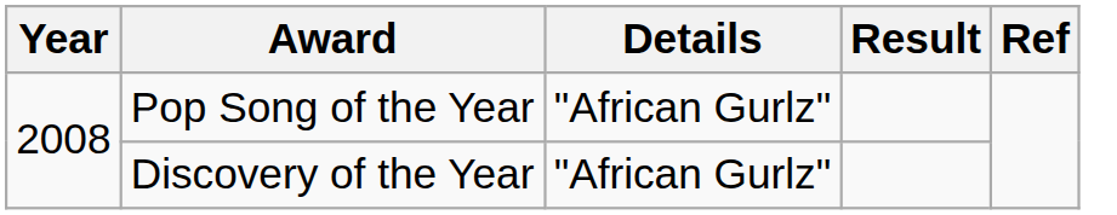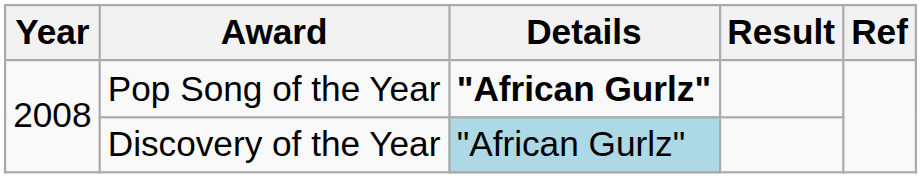 <table class="wikitable sortable">
 <tr>
 <th>Year</th>
 <th>Award</th>
 <th>Details</th>
 <th>Result</th>
 <th>Ref</th>
 </tr>
 <tr>
 <td rowspan="2">2008</td>
 <td>Pop Song of the Year</td>
-<td>"African Gurlz"</td>
+<td><strong>"African Gurlz"</strong></td>
 <td></td>
 <td rowspan="2"></td>
 </tr>
 <tr>
 <td>Discovery of the Year</td>
-<td>"African Gurlz"</td>
+<td style="background: lightblue;">"African Gurlz"</td>
 <td></td>
 </tr>
 </table>
